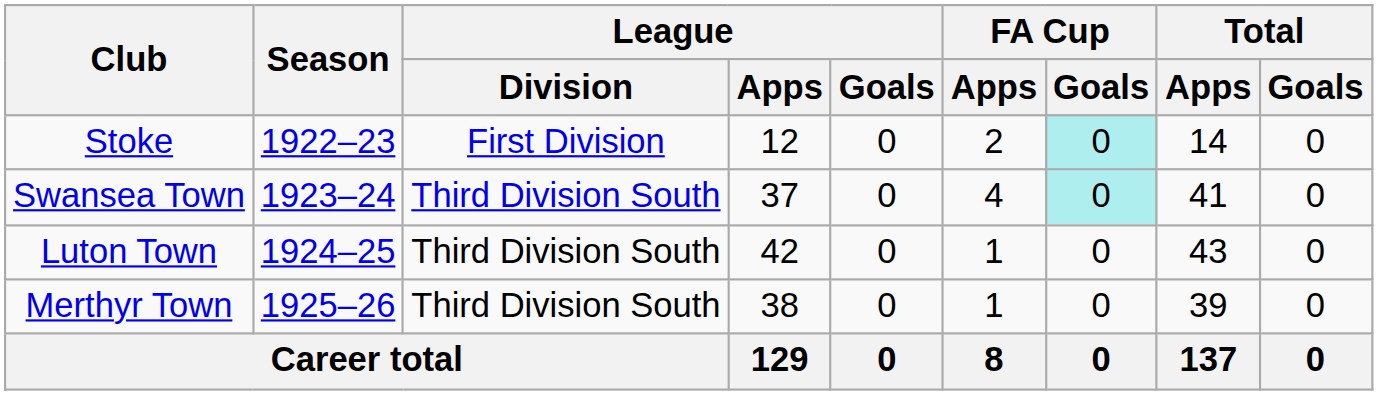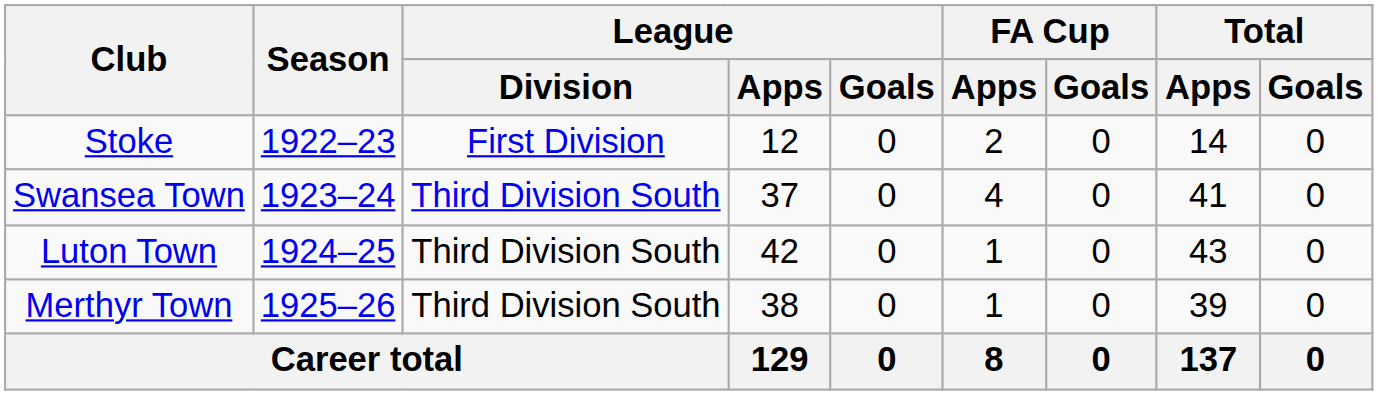 <table class="wikitable" style="text-align: center;">
 <tr>
 <th rowspan="2">Club</th>
 <th rowspan="2">Season</th>
 <th colspan="3">League</th>
 <th colspan="2">FA Cup</th>
 <th colspan="2">Total</th>
 </tr>
 <tr>
 <th>Division</th>
 <th>Apps</th>
 <th>Goals</th>
 <th>Apps</th>
 <th>Goals</th>
 <th>Apps</th>
 <th>Goals</th>
 </tr>
 <tr>
 <td><a href='#'>Stoke</a></td>
 <td><a href='#'>1922–23</a></td>
 <td><a href='#'>First Division</a></td>
 <td>12</td>
 <td>0</td>
 <td>2</td>
-<td style="background: paleturquoise;">0</td>
+<td>0</td>
 <td>14</td>
 <td>0</td>
 </tr>
 <tr>
 <td><a href='#'>Swansea Town</a></td>
 <td><a href='#'>1923–24</a></td>
 <td><a href='#'>Third Division South</a></td>
 <td>37</td>
 <td>0</td>
 <td>4</td>
-<td style="background: paleturquoise;">0</td>
+<td>0</td>
 <td>41</td>
 <td>0</td>
 </tr>
 <tr>
 <td><a href='#'>Luton Town</a></td>
 <td><a href='#'>1924–25</a></td>
 <td>Third Division South</td>
 <td>42</td>
 <td>0</td>
 <td>1</td>
 <td>0</td>
 <td>43</td>
 <td>0</td>
 </tr>
 <tr>
 <td><a href='#'>Merthyr Town</a></td>
 <td><a href='#'>1925–26</a></td>
 <td>Third Division South</td>
 <td>38</td>
 <td>0</td>
 <td>1</td>
 <td>0</td>
 <td>39</td>
 <td>0</td>
 </tr>
 <tr>
 <th colspan="3">Career total</th>
 <th>129</th>
 <th>0</th>
 <th>8</th>
 <th>0</th>
 <th>137</th>
 <th>0</th>
 </tr>
 </table>
